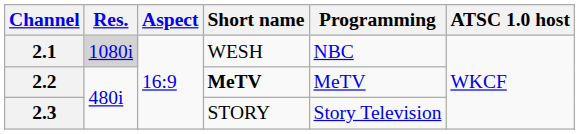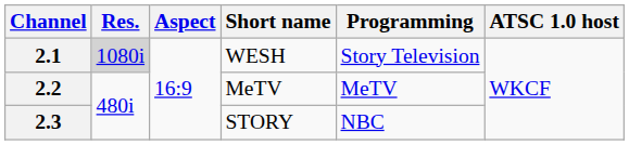 <table class="wikitable">
 <tr>
 <th scope = "col"><a href='#'>Channel</a></th>
 <th scope = "col"><a href='#'>Res.</a></th>
 <th scope = "col"><a href='#'>Aspect</a></th>
 <th scope = "col">Short name</th>
 <th scope = "col">Programming</th>
 <th scope = "col">ATSC 1.0 host</th>
 </tr>
 <tr>
 <th scope = "row">2.1</th>
 <td style="background: lightgrey;"><a href='#'>1080i</a></td>
 <td rowspan=3><a href='#'>16:9</a></td>
 <td>WESH</td>
-<td><a href='#'>NBC</a></td>
+<td><a href='#'>Story Television</a></td>
 <td rowspan=3><a href='#'>WKCF</a></td>
 </tr>
 <tr>
 <th scope = "row">2.2</th>
 <td rowspan=2><a href='#'>480i</a></td>
-<td><strong>MeTV</strong></td>
+<td>MeTV</td>
 <td><a href='#'>MeTV</a></td>
 </tr>
 <tr>
 <th scope = "row">2.3</th>
 <td>STORY</td>
-<td><a href='#'>Story Television</a></td>
+<td><a href='#'>NBC</a></td>
 </tr>
 </table>
